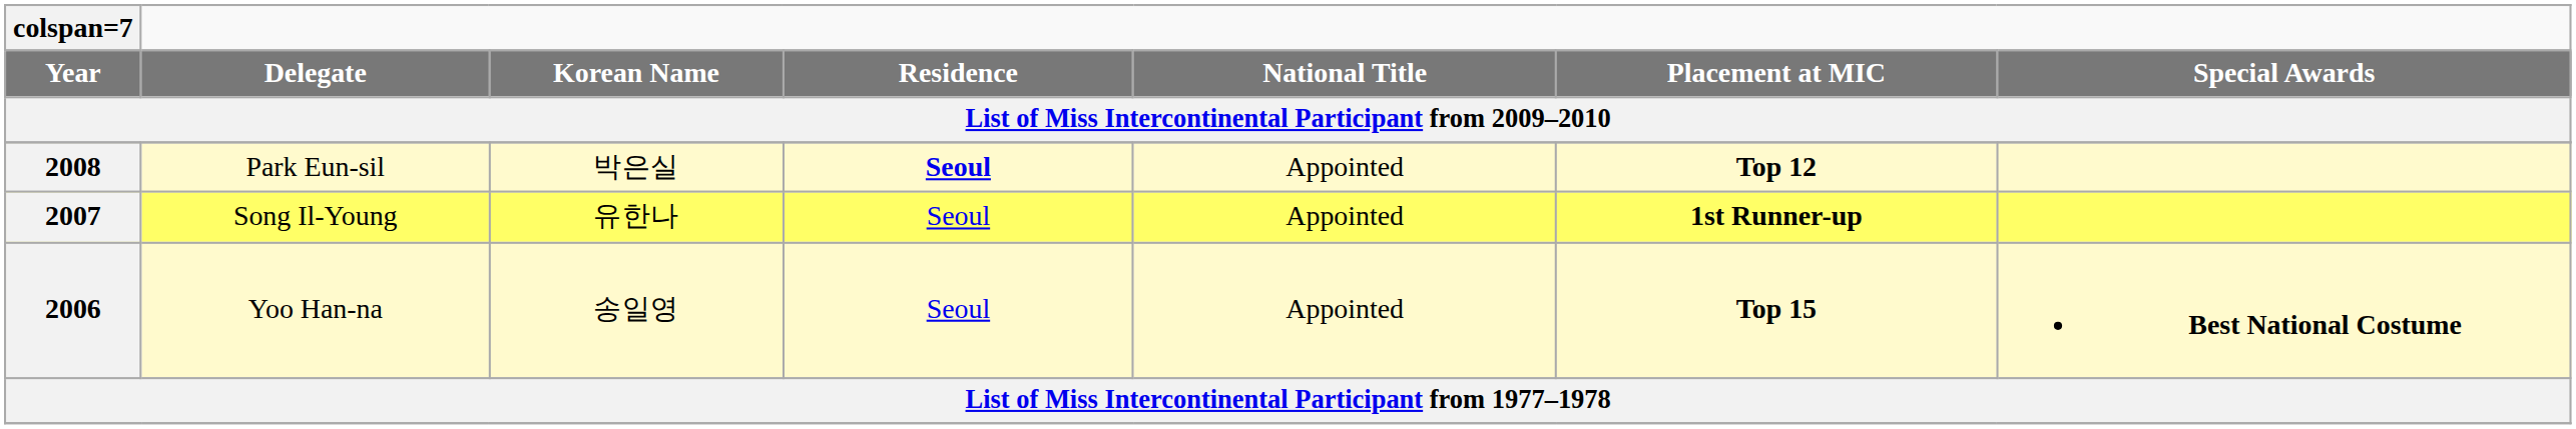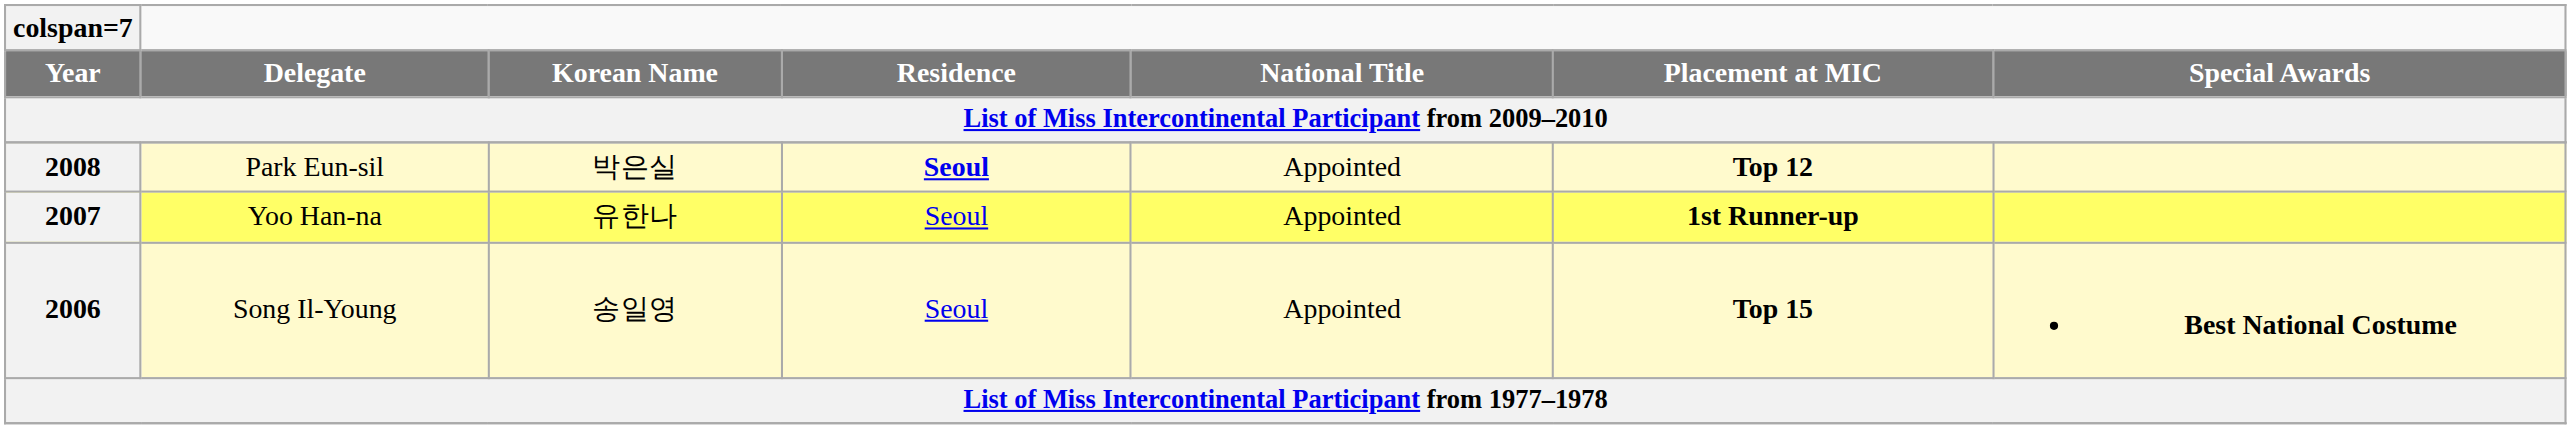 <table class="wikitable sortable" style="font-size: 85%; text-align:center">
 <tr>
 <th>colspan=7 </th>
 </tr>
 <tr>
 <th width="60" style="background-color:#787878;color:#FFFFFF;">Year</th>
 <th width="180" style="background-color:#787878;color:#FFFFFF;">Delegate</th>
 <th width="150" style="background-color:#787878;color:#FFFFFF;">Korean Name</th>
 <th width="180" style="background-color:#787878;color:#FFFFFF;">Residence</th>
 <th width="220" style="background-color:#787878;color:#FFFFFF;">National Title</th>
 <th width="230" style="background-color:#787878;color:#FFFFFF;">Placement at MIC</th>
 <th width="300" style="background-color:#787878;color:#FFFFFF;">Special Awards</th>
 </tr>
 <tr>
 <th colspan="8" style="font-size:95%;"><a href='#'>List of Miss Intercontinental Participant</a> from 2009–2010</th>
 </tr>
 <tr>
 </tr>
 <tr style="background-color:#FFFACD;">
 <th>2008</th>
 <td>Park Eun-sil</td>
 <td>박은실</td>
 <td><strong><a href='#'>Seoul</a></strong></td>
 <td>Appointed</td>
 <td><strong>Top 12</strong></td>
 <td></td>
 </tr>
 <tr style="background-color:#FFFF66;">
 <th>2007</th>
-<td>Song Il-Young</td>
+<td>Yoo Han-na</td>
 <td>유한나</td>
 <td><a href='#'>Seoul</a></td>
 <td>Appointed</td>
 <td><strong>1st Runner-up</strong></td>
 <td></td>
 </tr>
 <tr style="background-color:#FFFACD;">
 <th>2006</th>
-<td>Yoo Han-na</td>
+<td>Song Il-Young</td>
 <td>송일영</td>
 <td><a href='#'>Seoul</a></td>
 <td>Appointed</td>
 <td><strong>Top 15</strong></td>
 <td><br><ul><li><strong>Best National Costume</strong></li></ul></td>
 </tr>
 <tr>
 <th colspan="8" style="font-size:95%;"><a href='#'>List of Miss Intercontinental Participant</a> from 1977–1978</th>
 </tr>
 <tr>
 </tr>
 </table>
